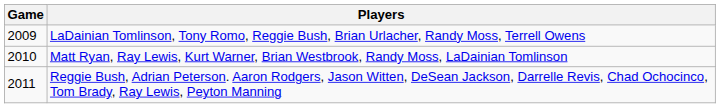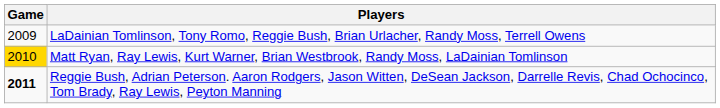 <table class="wikitable">
 <tr>
 <th>Game</th>
 <th>Players</th>
 </tr>
 <tr>
 <td>2009</td>
 <td><a href='#'>LaDainian Tomlinson</a>, <a href='#'>Tony Romo</a>, <a href='#'>Reggie Bush</a>, <a href='#'>Brian Urlacher</a>, <a href='#'>Randy Moss</a>, <a href='#'>Terrell Owens</a></td>
 </tr>
 <tr>
-<td>2010</td>
+<td style="background: gold;">2010</td>
 <td><a href='#'>Matt Ryan</a>, <a href='#'>Ray Lewis</a>, <a href='#'>Kurt Warner</a>, <a href='#'>Brian Westbrook</a>, <a href='#'>Randy Moss</a>, <a href='#'>LaDainian Tomlinson</a></td>
 </tr>
 <tr>
-<td>2011</td>
+<td><strong>2011</strong></td>
 <td><a href='#'>Reggie Bush</a>, <a href='#'>Adrian Peterson</a>. <a href='#'>Aaron Rodgers</a>, <a href='#'>Jason Witten</a>, <a href='#'>DeSean Jackson</a>, <a href='#'>Darrelle Revis</a>, <a href='#'>Chad Ochocinco</a>, <a href='#'>Tom Brady</a>, <a href='#'>Ray Lewis</a>, <a href='#'>Peyton Manning</a></td>
 </tr>
 </table>
